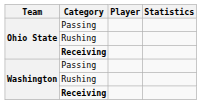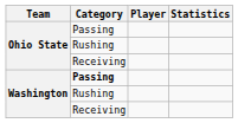 <table class="wikitable" style="float:right">
 <tr>
 <th>Team</th>
 <th>Category</th>
 <th>Player</th>
 <th>Statistics</th>
 </tr>
 <tr>
 <th rowspan=3>Ohio State</th>
 <td>Passing</td>
 <td></td>
 <td></td>
 </tr>
 <tr>
 <td>Rushing</td>
 <td></td>
 <td></td>
 </tr>
 <tr>
-<td><strong>Receiving</strong></td>
+<td>Receiving</td>
 <td></td>
 <td></td>
 </tr>
 <tr>
 <th rowspan=3>Washington</th>
-<td>Passing</td>
+<td><strong>Passing</strong></td>
 <td></td>
 <td></td>
 </tr>
 <tr>
 <td>Rushing</td>
 <td></td>
 <td></td>
 </tr>
 <tr>
-<td><strong>Receiving</strong></td>
+<td>Receiving</td>
 <td></td>
 <td></td>
 </tr>
 </table>
